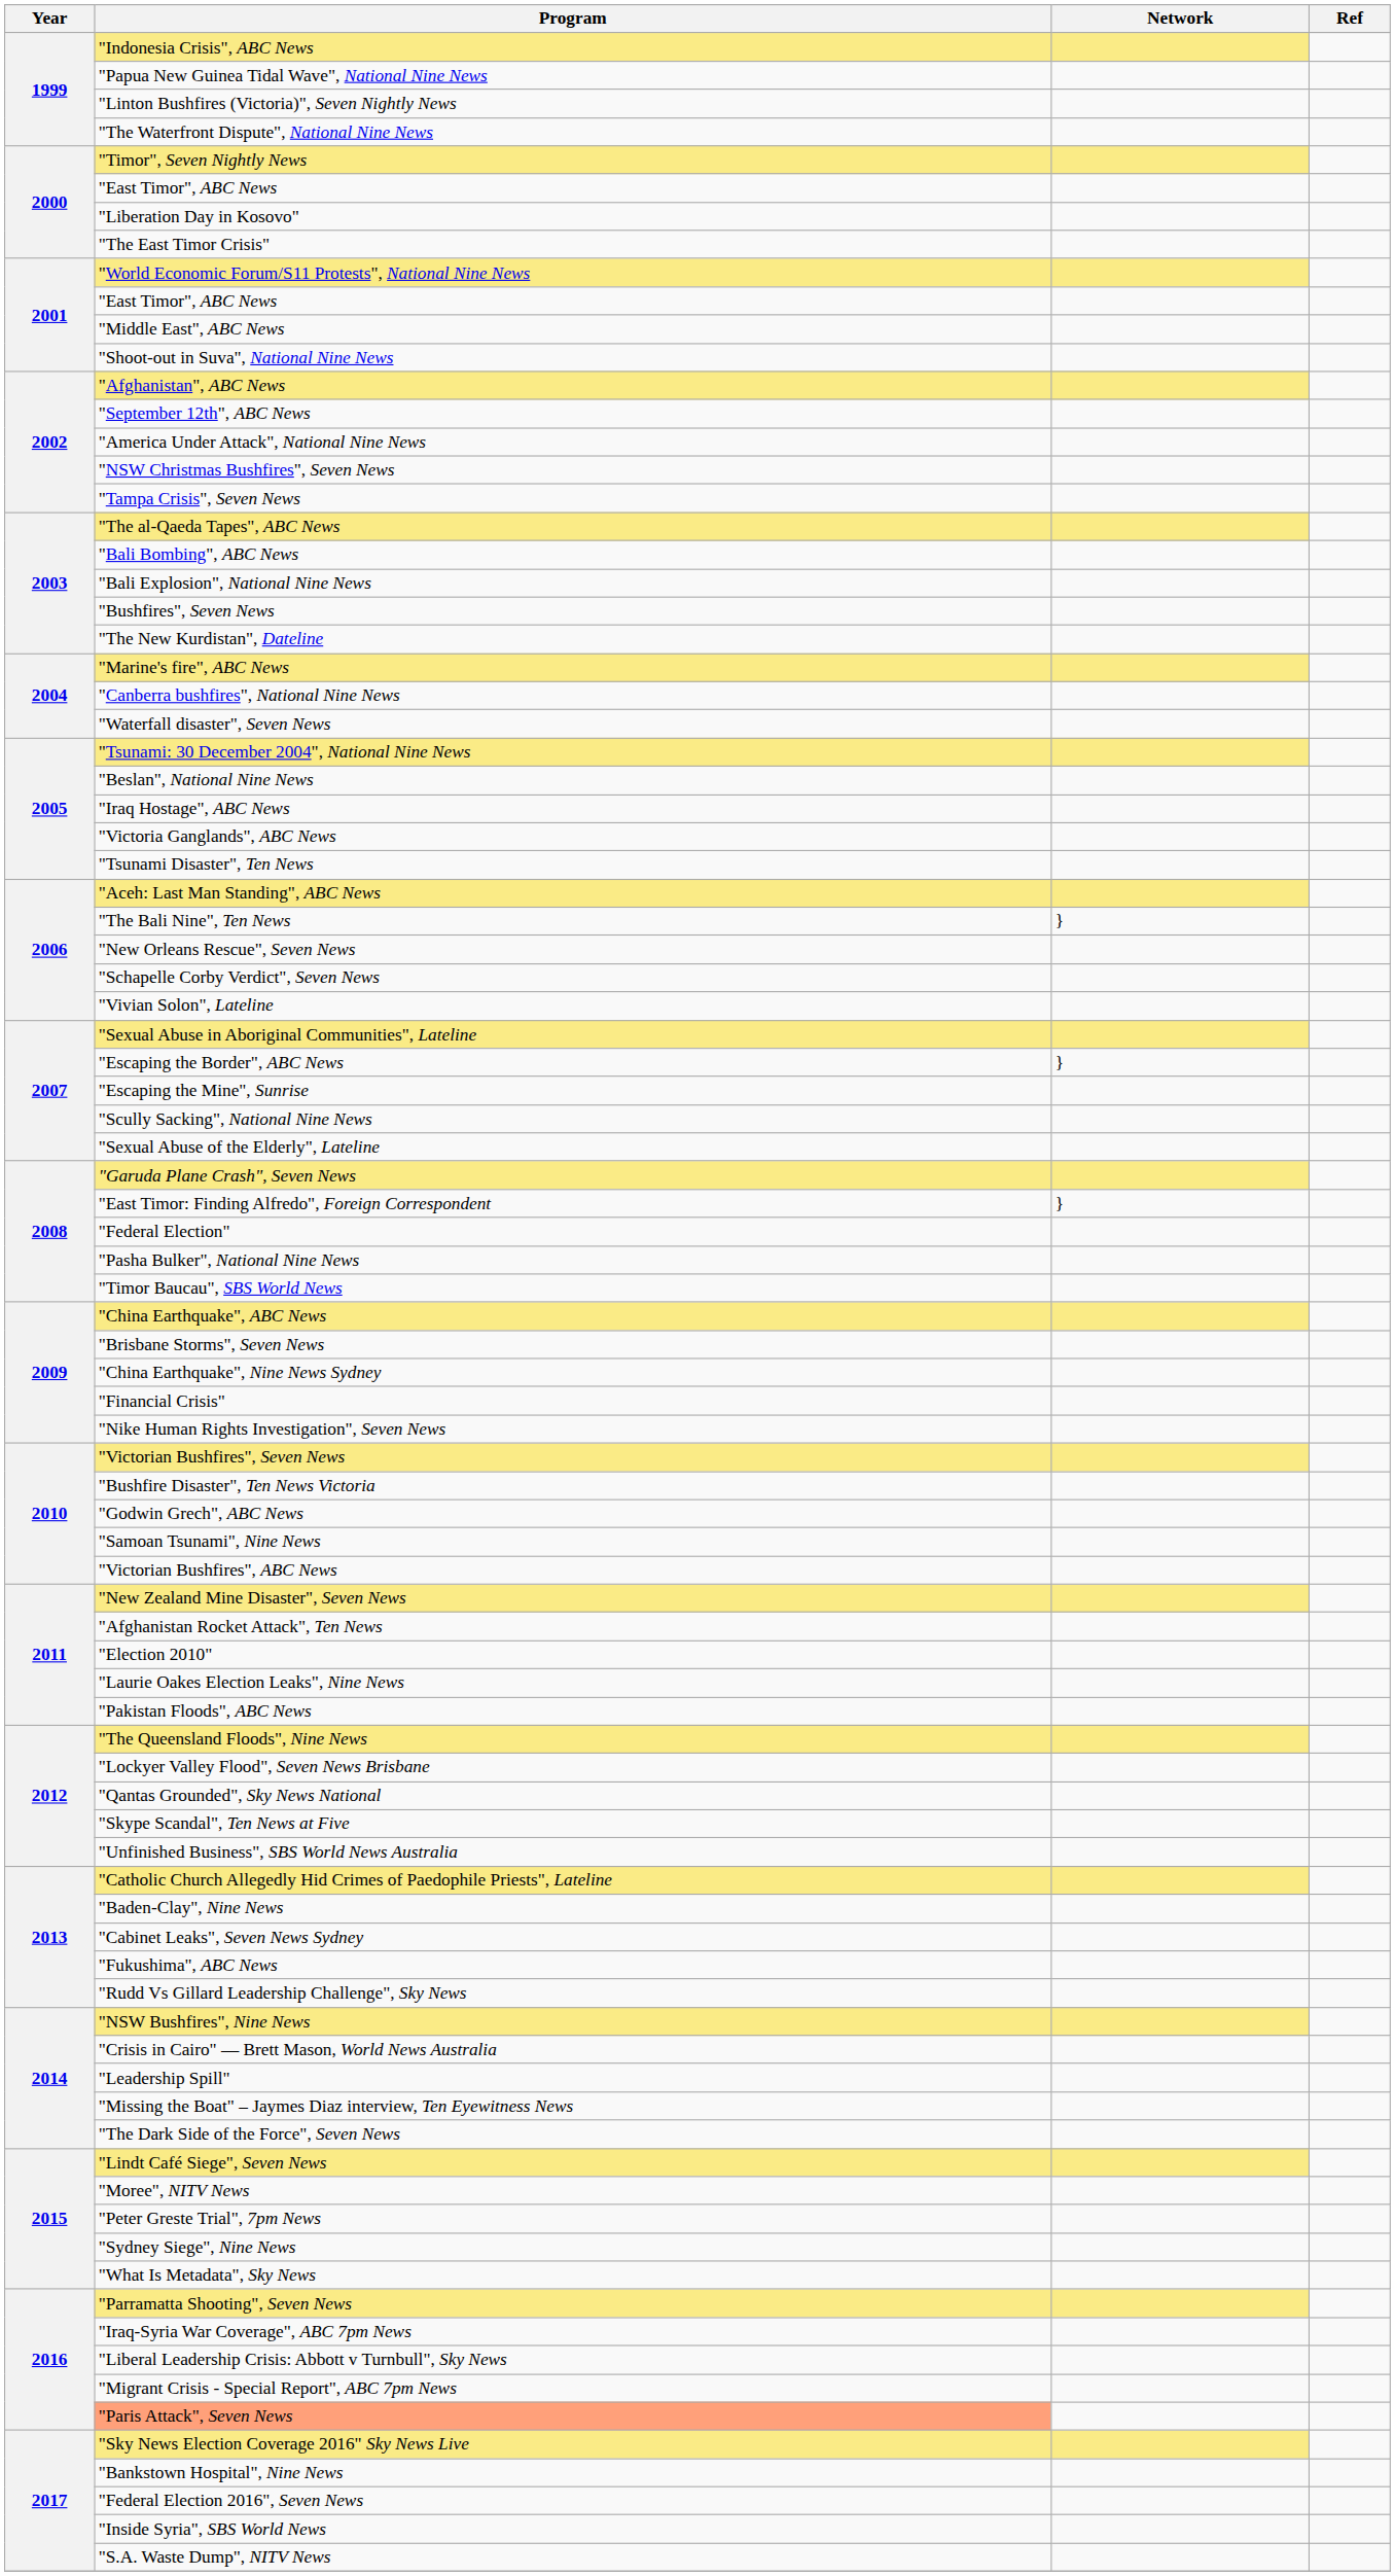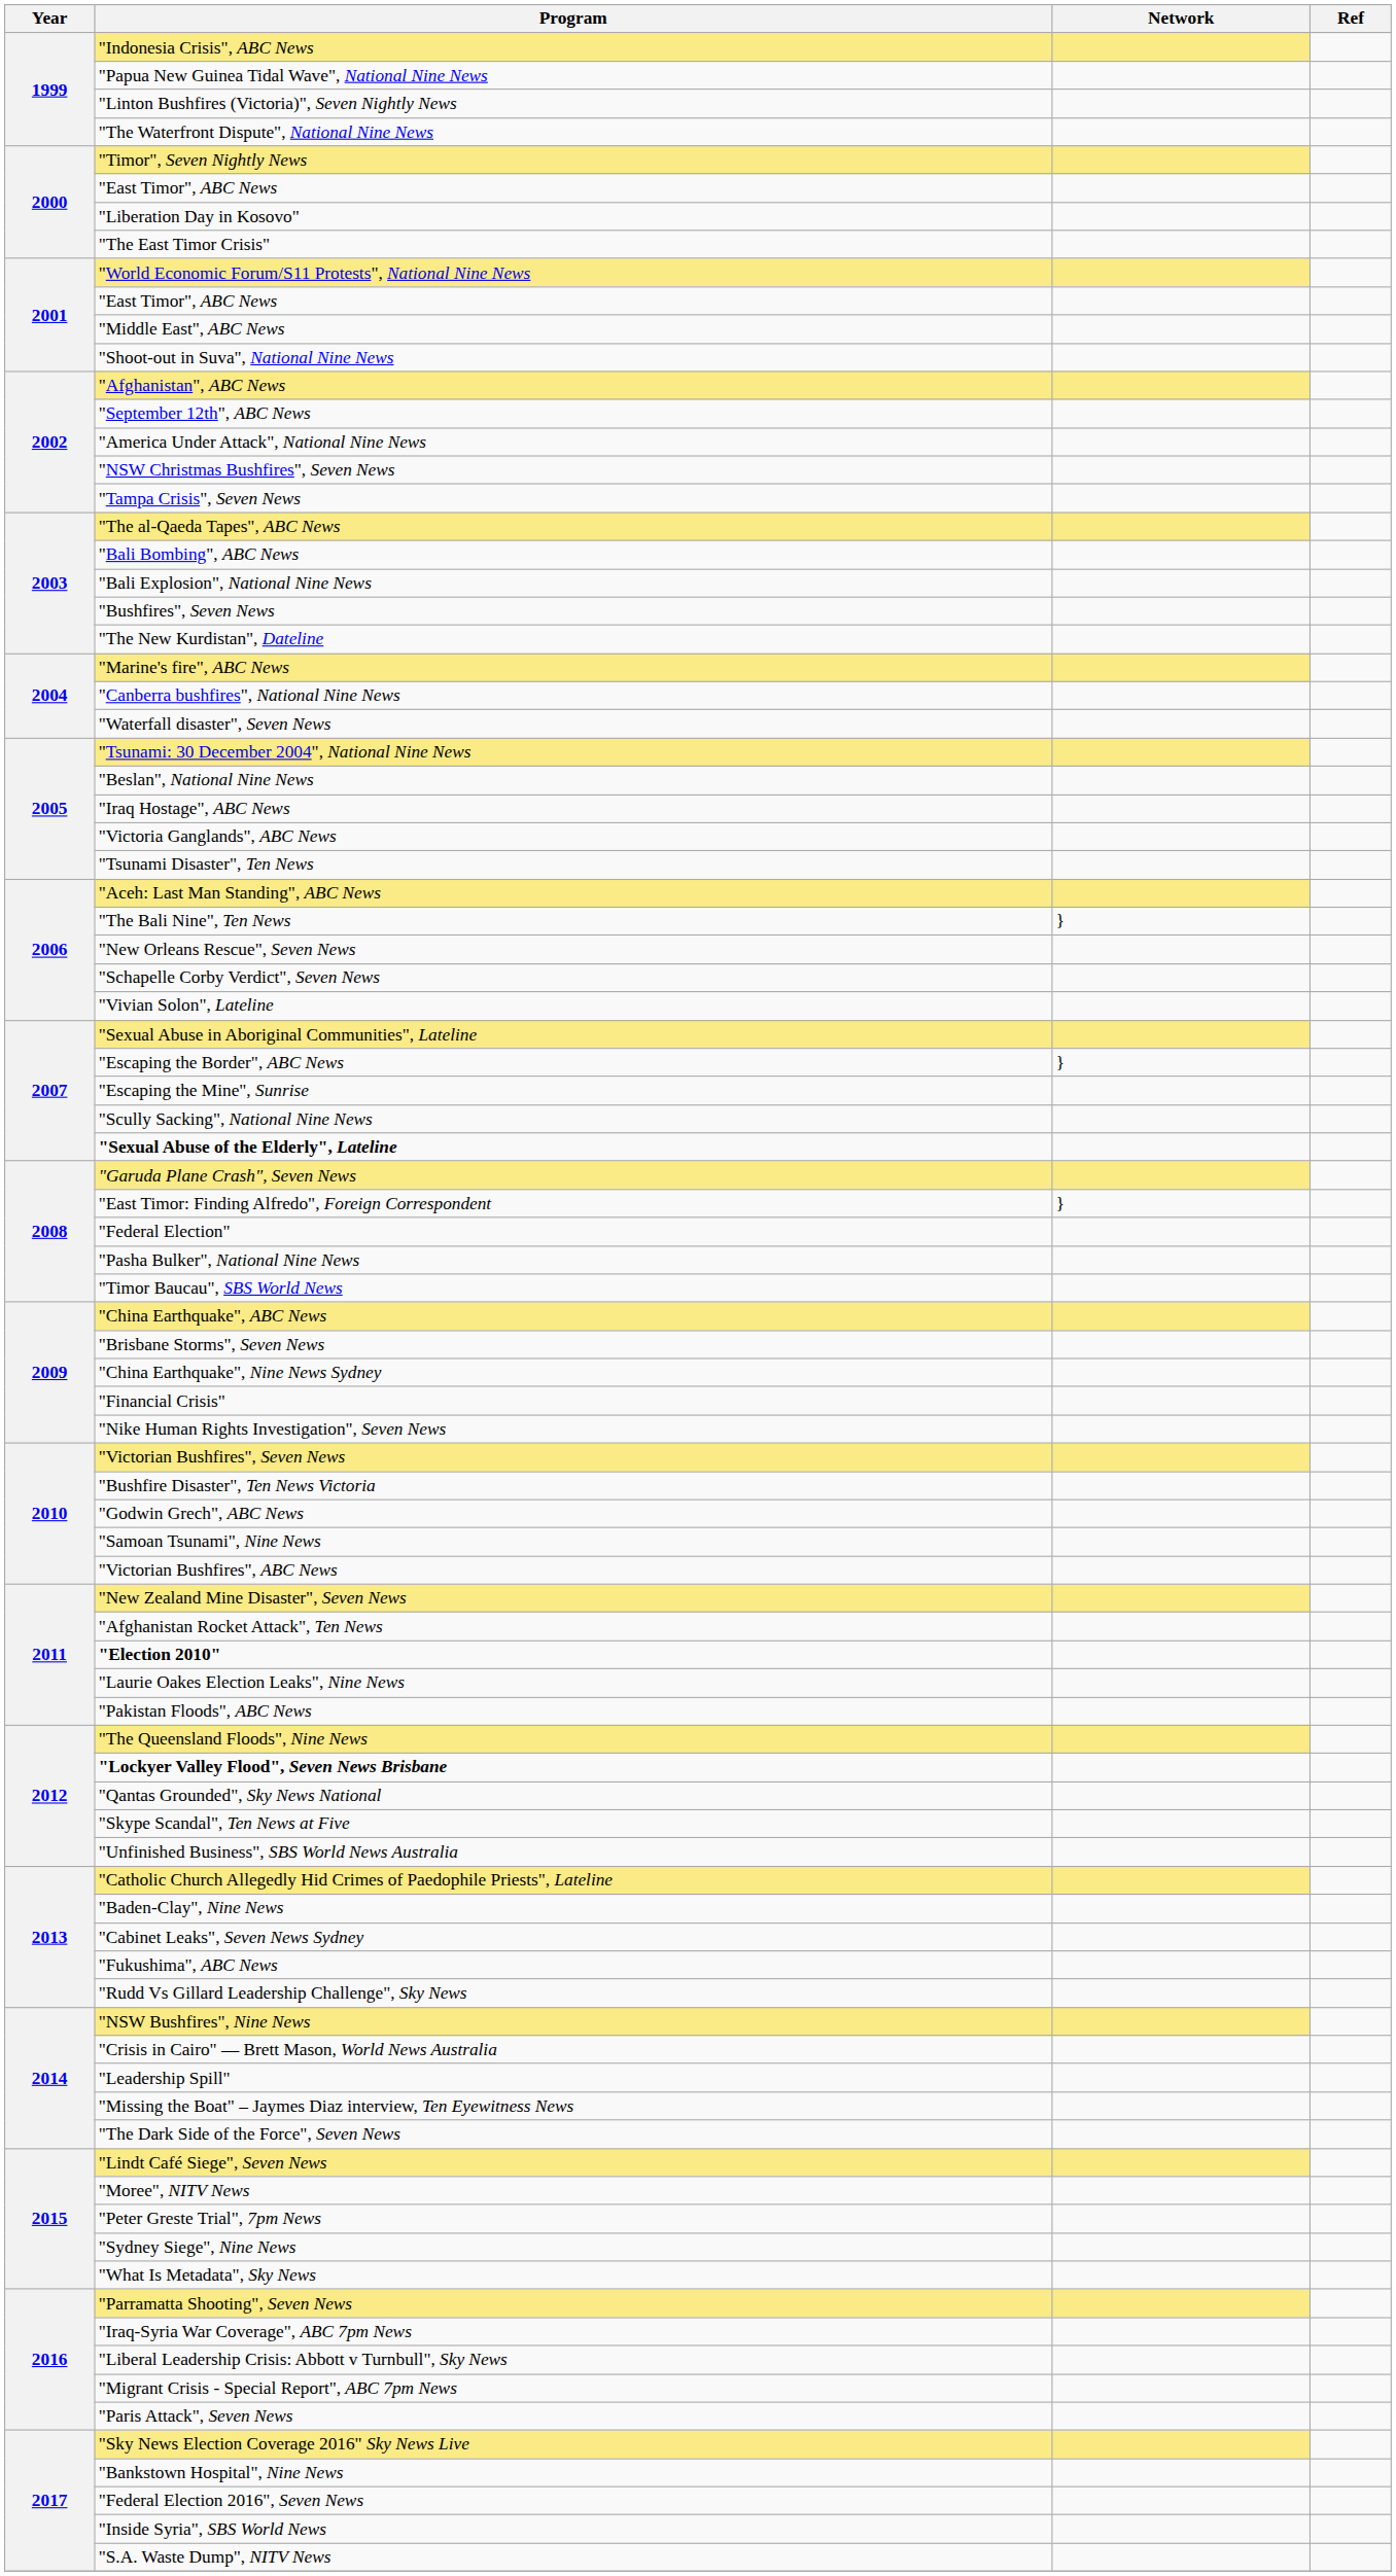 <table class="wikitable sortable">
 <tr style="background:#bebebe;">
 <th scope="col" style="width:1%;">Year</th>
 <th scope="col" style="width:16%;">Program</th>
 <th scope="col" style="width:4%;">Network</th>
 <th scope="col" style="width:1%;" class="unsortable">Ref</th>
 </tr>
 <tr>
 <th scope="row" rowspan="4" style="text-align:center"><a href='#'>1999</a></th>
 <td style="background:#FAEB86">"Indonesia Crisis", <em>ABC News</em></td>
 <td style="background:#FAEB86"></td>
 <td></td>
 </tr>
 <tr>
 <td>"Papua New Guinea Tidal Wave", <em><a href='#'>National Nine News</a></em></td>
 <td></td>
 <td></td>
 </tr>
 <tr>
 <td>"Linton Bushfires (Victoria)", <em>Seven Nightly News</em></td>
 <td></td>
 <td></td>
 </tr>
 <tr>
 <td>"The Waterfront Dispute", <em><a href='#'>National Nine News</a></em></td>
 <td></td>
 <td></td>
 </tr>
 <tr>
 <th scope="row" rowspan="4" style="text-align:center"><a href='#'>2000</a></th>
 <td style="background:#FAEB86">"Timor", <em>Seven Nightly News</em></td>
 <td style="background:#FAEB86"></td>
 <td></td>
 </tr>
 <tr>
 <td>"East Timor", <em>ABC News</em></td>
 <td></td>
 <td></td>
 </tr>
 <tr>
 <td>"Liberation Day in Kosovo"</td>
 <td></td>
 <td></td>
 </tr>
 <tr>
 <td>"The East Timor Crisis"</td>
 <td></td>
 <td></td>
 </tr>
 <tr>
 <th scope="row" rowspan="4" style="text-align:center"><a href='#'>2001</a></th>
 <td style="background:#FAEB86">"<a href='#'>World Economic Forum/S11 Protests</a>", <em><a href='#'>National Nine News</a></em></td>
 <td style="background:#FAEB86"></td>
 <td></td>
 </tr>
 <tr>
 <td>"East Timor", <em>ABC News</em></td>
 <td></td>
 <td></td>
 </tr>
 <tr>
 <td>"Middle East",<em> ABC News</em></td>
 <td></td>
 <td></td>
 </tr>
 <tr>
 <td>"Shoot-out in Suva", <em><a href='#'>National Nine News</a></em></td>
 <td></td>
 <td></td>
 </tr>
 <tr>
 <th scope="row" rowspan="5" style="text-align:center"><a href='#'>2002</a></th>
 <td style="background:#FAEB86">"<a href='#'>Afghanistan</a>", <em>ABC News</em></td>
 <td style="background:#FAEB86"></td>
 <td></td>
 </tr>
 <tr>
 <td>"<a href='#'>September 12th</a>", <em>ABC News</em></td>
 <td></td>
 <td></td>
 </tr>
 <tr>
 <td>"America Under Attack", <em>National Nine News</em></td>
 <td></td>
 <td></td>
 </tr>
 <tr>
 <td>"<a href='#'>NSW Christmas Bushfires</a>", <em>Seven News</em></td>
 <td></td>
 <td></td>
 </tr>
 <tr>
 <td>"<a href='#'>Tampa Crisis</a>", <em>Seven News</em></td>
 <td></td>
 <td></td>
 </tr>
 <tr>
 <th scope="row" rowspan="5" style="text-align:center"><a href='#'>2003</a></th>
 <td style="background:#FAEB86">"The al-Qaeda Tapes", <em>ABC News</em></td>
 <td style="background:#FAEB86"></td>
 <td></td>
 </tr>
 <tr>
 <td>"<a href='#'>Bali Bombing</a>", <em>ABC News</em></td>
 <td></td>
 <td></td>
 </tr>
 <tr>
 <td>"Bali Explosion", <em>National Nine News</em></td>
 <td></td>
 <td></td>
 </tr>
 <tr>
 <td>"Bushfires", <em>Seven News</em></td>
 <td></td>
 <td></td>
 </tr>
 <tr>
 <td>"The New Kurdistan", <em><a href='#'>Dateline</a></em></td>
 <td></td>
 <td></td>
 </tr>
 <tr>
 <th scope="row" rowspan="3" style="text-align:center"><a href='#'>2004</a></th>
 <td style="background:#FAEB86">"Marine's fire", <em>ABC News</em></td>
 <td style="background:#FAEB86"></td>
 <td></td>
 </tr>
 <tr>
 <td>"<a href='#'>Canberra bushfires</a>", <em>National Nine News</em></td>
 <td></td>
 <td></td>
 </tr>
 <tr>
 <td>"Waterfall disaster", <em>Seven News</em></td>
 <td></td>
 <td></td>
 </tr>
 <tr>
 <th scope="row" rowspan="5" style="text-align:center"><a href='#'>2005</a></th>
 <td style="background:#FAEB86">"<a href='#'>Tsunami: 30 December 2004</a>", <em>National Nine News</em></td>
 <td style="background:#FAEB86"></td>
 <td></td>
 </tr>
 <tr>
 <td>"Beslan", <em>National Nine News</em></td>
 <td></td>
 <td></td>
 </tr>
 <tr>
 <td>"Iraq Hostage", <em>ABC News</em></td>
 <td></td>
 <td></td>
 </tr>
 <tr>
 <td>"Victoria Ganglands", <em>ABC News</em></td>
 <td></td>
 <td></td>
 </tr>
 <tr>
 <td>"Tsunami Disaster", <em>Ten News</em></td>
 <td></td>
 <td></td>
 </tr>
 <tr>
 <th scope="row" rowspan="5" style="text-align:center"><a href='#'>2006</a></th>
 <td style="background:#FAEB86">"Aceh: Last Man Standing", <em>ABC News</em></td>
 <td style="background:#FAEB86"></td>
 <td></td>
 </tr>
 <tr>
 <td>"The Bali Nine", <em>Ten News</em></td>
 <td>}</td>
 <td></td>
 </tr>
 <tr>
 <td>"New Orleans Rescue", <em>Seven News</em></td>
 <td></td>
 <td></td>
 </tr>
 <tr>
 <td>"Schapelle Corby Verdict", <em>Seven News</em></td>
 <td></td>
 <td></td>
 </tr>
 <tr>
 <td>"Vivian Solon", <em>Lateline</em></td>
 <td></td>
 <td></td>
 </tr>
 <tr>
 <th scope="row" rowspan="5" style="text-align:center"><a href='#'>2007</a></th>
 <td style="background:#FAEB86">"Sexual Abuse in Aboriginal Communities", <em>Lateline</em></td>
 <td style="background:#FAEB86"></td>
 <td></td>
 </tr>
 <tr>
 <td>"Escaping the Border", <em>ABC News</em></td>
 <td>}</td>
 <td></td>
 </tr>
 <tr>
 <td>"Escaping the Mine", <em>Sunrise</em></td>
 <td></td>
 <td></td>
 </tr>
 <tr>
 <td>"Scully Sacking", <em>National Nine News</em></td>
 <td></td>
 <td></td>
 </tr>
 <tr>
-<td>"Sexual Abuse of the Elderly", <em>Lateline</em></td>
+<td><strong>"Sexual Abuse of the Elderly", <em>Lateline</em></strong></td>
 <td></td>
 <td></td>
 </tr>
 <tr>
 <th scope="row" rowspan="5" style="text-align:center"><a href='#'>2008</a></th>
 <td style="background:#FAEB86"><em>"Garuda Plane Crash", Seven News</em></td>
 <td style="background:#FAEB86"></td>
 <td></td>
 </tr>
 <tr>
 <td>"East Timor: Finding Alfredo", <em>Foreign Correspondent</em></td>
 <td>}</td>
 <td></td>
 </tr>
 <tr>
 <td>"Federal Election"</td>
 <td></td>
 <td></td>
 </tr>
 <tr>
 <td>"Pasha Bulker", <em>National Nine News</em></td>
 <td></td>
 <td></td>
 </tr>
 <tr>
 <td>"Timor Baucau", <em><a href='#'>SBS World News</a></em></td>
 <td></td>
 <td></td>
 </tr>
 <tr>
 <th scope="row" rowspan="5" style="text-align:center"><a href='#'>2009</a></th>
 <td style="background:#FAEB86">"China Earthquake", <em>ABC News</em></td>
 <td style="background:#FAEB86"></td>
 <td></td>
 </tr>
 <tr>
 <td>"Brisbane Storms", <em>Seven News</em></td>
 <td></td>
 <td></td>
 </tr>
 <tr>
 <td>"China Earthquake", <em>Nine News Sydney</em></td>
 <td></td>
 <td></td>
 </tr>
 <tr>
 <td>"Financial Crisis"</td>
 <td></td>
 <td></td>
 </tr>
 <tr>
 <td>"Nike Human Rights Investigation", <em>Seven News</em></td>
 <td></td>
 <td></td>
 </tr>
 <tr>
 <th scope="row" rowspan="5" style="text-align:center"><a href='#'>2010</a></th>
 <td style="background:#FAEB86">"Victorian Bushfires", <em>Seven News</em></td>
 <td style="background:#FAEB86"></td>
 <td></td>
 </tr>
 <tr>
 <td>"Bushfire Disaster", <em>Ten News Victoria</em></td>
 <td></td>
 <td></td>
 </tr>
 <tr>
 <td>"Godwin Grech", <em>ABC News</em></td>
 <td></td>
 <td></td>
 </tr>
 <tr>
 <td>"Samoan Tsunami", <em>Nine News</em></td>
 <td></td>
 <td></td>
 </tr>
 <tr>
 <td>"Victorian Bushfires", <em>ABC News</em></td>
 <td></td>
 <td></td>
 </tr>
 <tr>
 <th scope="row" rowspan="5" style="text-align:center"><a href='#'>2011</a></th>
 <td style="background:#FAEB86">"New Zealand Mine Disaster", <em>Seven News</em></td>
 <td style="background:#FAEB86"></td>
 <td></td>
 </tr>
 <tr>
 <td>"Afghanistan Rocket Attack", <em>Ten News</em></td>
 <td></td>
 <td></td>
 </tr>
 <tr>
-<td>"Election 2010"</td>
+<td><strong>"Election 2010"</strong></td>
 <td></td>
 <td></td>
 </tr>
 <tr>
 <td>"Laurie Oakes Election Leaks", <em>Nine News</em></td>
 <td></td>
 <td></td>
 </tr>
 <tr>
 <td>"Pakistan Floods", <em>ABC News</em></td>
 <td></td>
 <td></td>
 </tr>
 <tr>
 <th scope="row" rowspan="5" style="text-align:center"><a href='#'>2012</a></th>
 <td style="background:#FAEB86">"The Queensland Floods", <em>Nine News</em></td>
 <td style="background:#FAEB86"></td>
 <td></td>
 </tr>
 <tr>
-<td>"Lockyer Valley Flood", <em>Seven News Brisbane</em></td>
+<td><strong>"Lockyer Valley Flood", <em>Seven News Brisbane</em></strong></td>
 <td></td>
 <td></td>
 </tr>
 <tr>
 <td>"Qantas Grounded", <em>Sky News National</em></td>
 <td></td>
 <td></td>
 </tr>
 <tr>
 <td>"Skype Scandal", <em>Ten News at Five</em></td>
 <td></td>
 <td></td>
 </tr>
 <tr>
 <td>"Unfinished Business", <em>SBS World News Australia</em></td>
 <td></td>
 <td></td>
 </tr>
 <tr>
 <th scope="row" rowspan="5" style="text-align:center"><a href='#'>2013</a></th>
 <td style="background:#FAEB86">"Catholic Church Allegedly Hid Crimes of Paedophile Priests", <em>Lateline</em></td>
 <td style="background:#FAEB86"></td>
 <td></td>
 </tr>
 <tr>
 <td>"Baden-Clay", <em>Nine News</em></td>
 <td></td>
 <td></td>
 </tr>
 <tr>
 <td>"Cabinet Leaks", <em>Seven News Sydney</em></td>
 <td></td>
 <td></td>
 </tr>
 <tr>
 <td>"Fukushima", <em>ABC News</em></td>
 <td></td>
 <td></td>
 </tr>
 <tr>
 <td>"Rudd Vs Gillard Leadership Challenge", <em>Sky News</em></td>
 <td></td>
 <td></td>
 </tr>
 <tr>
 <th scope="row" rowspan="5" style="text-align:center"><a href='#'>2014</a></th>
 <td style="background:#FAEB86">"NSW Bushfires", <em>Nine News</em></td>
 <td style="background:#FAEB86"></td>
 <td></td>
 </tr>
 <tr>
 <td>"Crisis in Cairo" — Brett Mason, <em>World News Australia</em></td>
 <td></td>
 <td></td>
 </tr>
 <tr>
 <td>"Leadership Spill"</td>
 <td></td>
 <td></td>
 </tr>
 <tr>
 <td>"Missing the Boat" – Jaymes Diaz interview, <em>Ten Eyewitness News</em></td>
 <td></td>
 <td></td>
 </tr>
 <tr>
 <td>"The Dark Side of the Force", <em>Seven News</em></td>
 <td></td>
 <td></td>
 </tr>
 <tr>
 <th scope="row" rowspan="5" style="text-align:center"><a href='#'>2015</a></th>
 <td style="background:#FAEB86">"Lindt Café Siege", <em>Seven News</em></td>
 <td style="background:#FAEB86"></td>
 <td></td>
 </tr>
 <tr>
 <td>"Moree", <em>NITV News</em></td>
 <td></td>
 <td></td>
 </tr>
 <tr>
 <td>"Peter Greste Trial", <em>7pm News</em></td>
 <td></td>
 <td></td>
 </tr>
 <tr>
 <td>"Sydney Siege", <em>Nine News</em></td>
 <td></td>
 <td></td>
 </tr>
 <tr>
 <td>"What Is Metadata", <em>Sky News</em></td>
 <td></td>
 <td></td>
 </tr>
 <tr>
 <th scope="row" rowspan="5" style="text-align:center"><a href='#'>2016</a></th>
 <td style="background:#FAEB86">"Parramatta Shooting", <em>Seven News</em></td>
 <td style="background:#FAEB86"></td>
 <td></td>
 </tr>
 <tr>
 <td>"Iraq-Syria War Coverage", <em>ABC 7pm News</em></td>
 <td></td>
 <td></td>
 </tr>
 <tr>
 <td>"Liberal Leadership Crisis: Abbott v Turnbull", <em>Sky News</em></td>
 <td></td>
 <td></td>
 </tr>
 <tr>
 <td>"Migrant Crisis - Special Report", <em>ABC 7pm News</em></td>
 <td></td>
 <td></td>
 </tr>
 <tr>
-<td style="background: lightsalmon;">"Paris Attack", <em>Seven News</em></td>
+<td>"Paris Attack", <em>Seven News</em></td>
 <td></td>
 <td></td>
 </tr>
 <tr>
 <th scope="row" rowspan="5" style="text-align:center"><a href='#'>2017</a></th>
 <td style="background:#FAEB86">"Sky News Election Coverage 2016" <em>Sky News Live</em></td>
 <td style="background:#FAEB86"></td>
 <td></td>
 </tr>
 <tr>
 <td>"Bankstown Hospital", <em>Nine News</em></td>
 <td></td>
 <td></td>
 </tr>
 <tr>
 <td>"Federal Election 2016", <em>Seven News</em></td>
 <td></td>
 <td></td>
 </tr>
 <tr>
 <td>"Inside Syria", <em>SBS World News</em></td>
 <td></td>
 <td></td>
 </tr>
 <tr>
 <td>"S.A. Waste Dump", <em>NITV News</em></td>
 <td></td>
 <td></td>
 </tr>
 <tr>
 </tr>
 </table>
